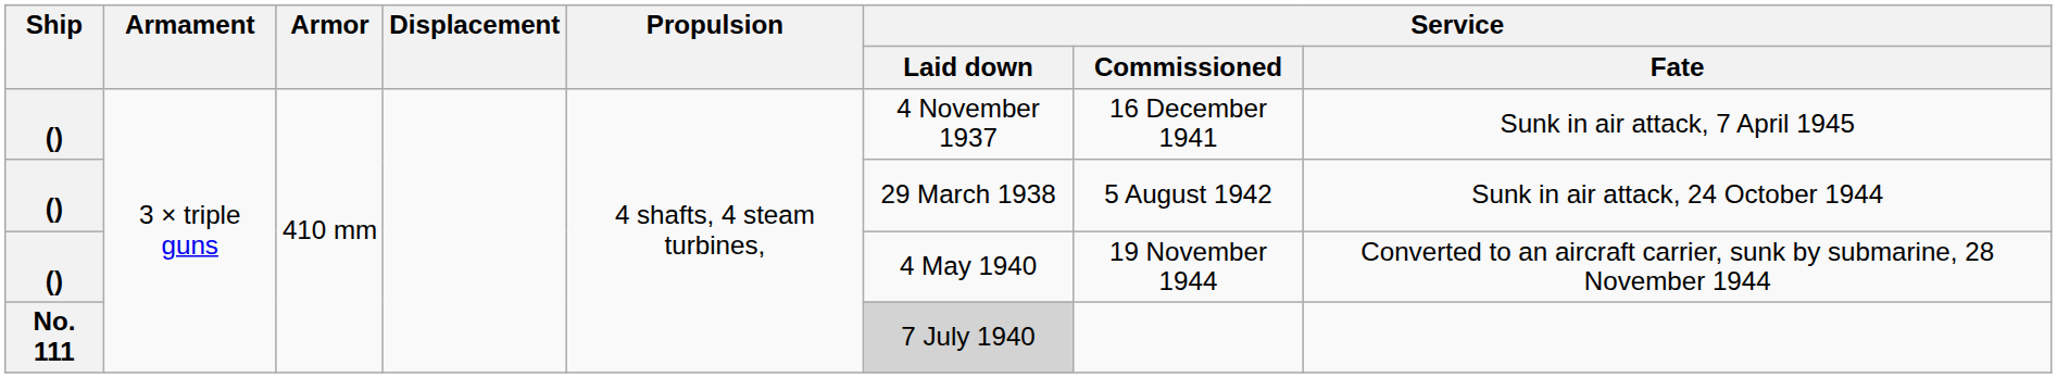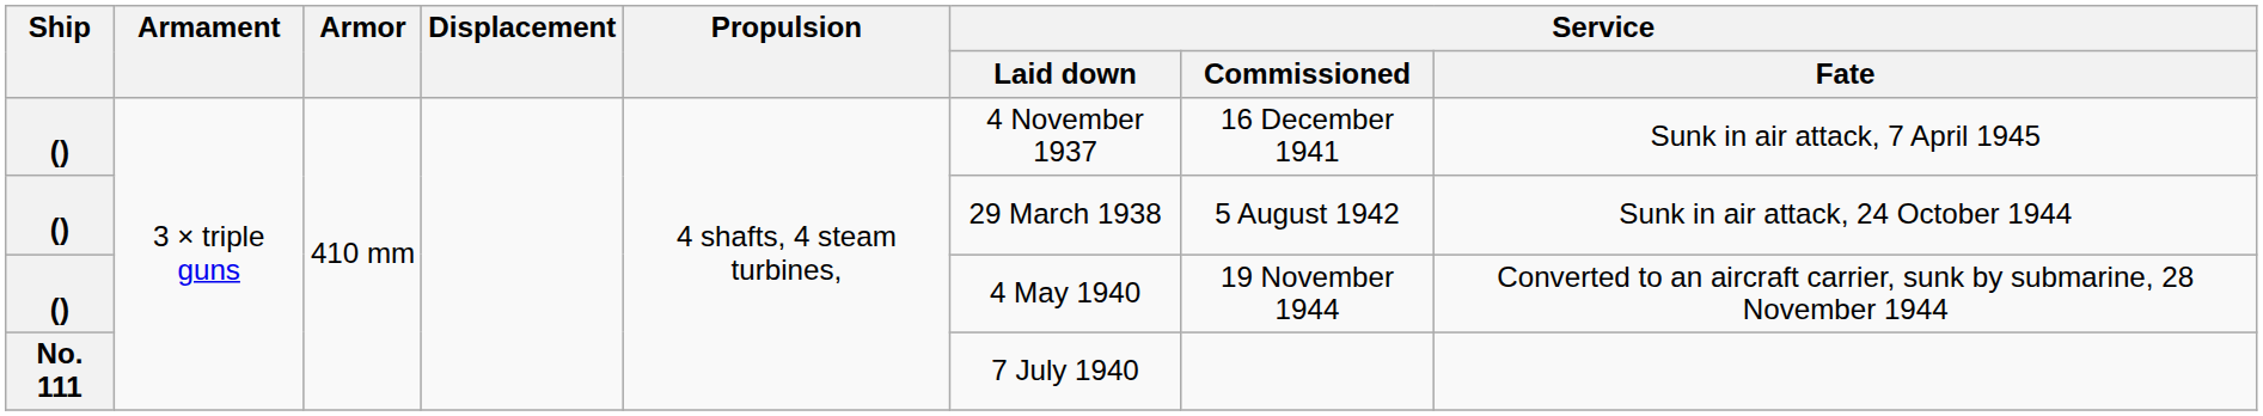 <table class="wikitable plainrowheaders" style="text-align: center;">
 <tr valign="top">
 <th scope="col" rowspan="2">Ship</th>
 <th scope="col" rowspan="2">Armament</th>
 <th scope="col" rowspan="2">Armor</th>
 <th scope="col" rowspan="2">Displacement</th>
 <th scope="col" rowspan="2">Propulsion</th>
 <th scope="col" colspan="3">Service</th>
 </tr>
 <tr valign="top">
 <th scope="col">Laid down</th>
 <th scope="col">Commissioned</th>
 <th scope="col">Fate</th>
 </tr>
 <tr valign="center">
 <th scope="row"><br>()</th>
 <td rowspan="4">3 × triple <a href='#'> guns</a></td>
 <td rowspan="4">410 mm</td>
 <td rowspan="4"></td>
 <td rowspan="4">4 shafts, 4 steam turbines,<br></td>
 <td>4 November 1937</td>
 <td>16 December 1941</td>
 <td>Sunk in air attack, 7 April 1945</td>
 </tr>
 <tr valign="center">
 <th scope="row"><br>()</th>
 <td>29 March 1938</td>
 <td>5 August 1942</td>
 <td>Sunk in air attack, 24 October 1944</td>
 </tr>
 <tr valign="center">
 <th scope="row"><br>()</th>
 <td>4 May 1940</td>
 <td>19 November 1944</td>
 <td>Converted to an aircraft carrier, sunk by submarine, 28 November 1944</td>
 </tr>
 <tr valign="center">
 <th scope="row">No. 111</th>
-<td style="background: lightgrey;">7 July 1940</td>
+<td>7 July 1940</td>
 <td></td>
 <td></td>
 </tr>
 </table>
